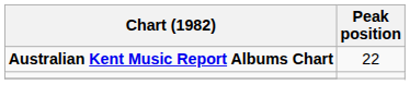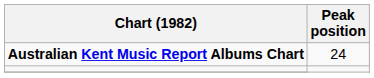 <table class="wikitable">
 <tr>
 <th>Chart (1982)</th>
 <th>Peak<br>position</th>
 </tr>
 <tr>
 <td><strong>Australian <a href='#'>Kent Music Report</a> Albums Chart</strong></td>
-<td align="center">22</td>
+<td align="center">24</td>
 </tr>
 <tr>
 <td></td>
 </tr>
 <tr>
 </tr>
 </table>
